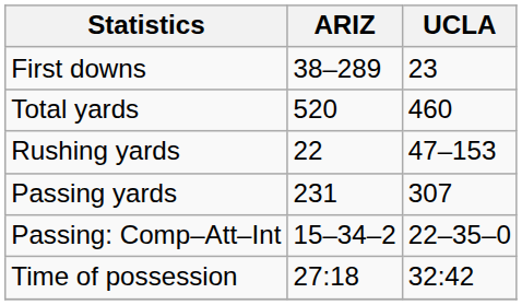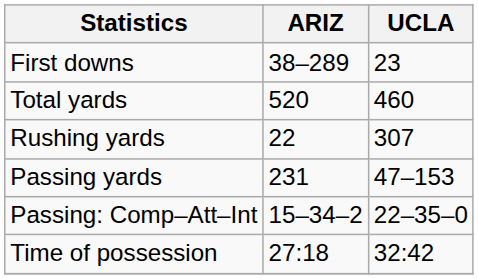 <table class="wikitable" style="float: left;">
 <tr>
 <th>Statistics</th>
 <th>ARIZ</th>
 <th>UCLA</th>
 </tr>
 <tr>
 <td>First downs</td>
 <td>38–289</td>
 <td>23</td>
 </tr>
 <tr>
 <td>Total yards</td>
 <td>520</td>
 <td>460</td>
 </tr>
 <tr>
 <td>Rushing yards</td>
 <td>22</td>
-<td>47–153</td>
+<td>307</td>
 </tr>
 <tr>
 <td>Passing yards</td>
 <td>231</td>
-<td>307</td>
+<td>47–153</td>
 </tr>
 <tr>
 <td>Passing: Comp–Att–Int</td>
 <td>15–34–2</td>
 <td>22–35–0</td>
 </tr>
 <tr>
 <td>Time of possession</td>
 <td>27:18</td>
 <td>32:42</td>
 </tr>
 <tr>
 </tr>
 </table>
